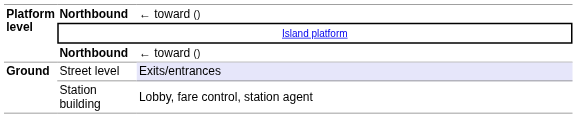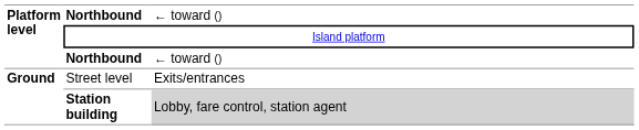 <table border=0 cellspacing=0 cellpadding=3>
 <tr>
 <td style="border-top:solid 1px gray;border-bottom:solid 1px gray;" width=50 rowspan=3 valign=top><strong>Platform<br>level</strong></td>
 <td style="border-top:solid 1px gray;" width=100><span><strong>Northbound</strong></span></td>
 <td style="border-top:solid 1px gray;" width=575>←  toward  <small>()</small></td>
 </tr>
 <tr>
 <td style="border-top:solid 2px black;border-right:solid 2px black;border-left:solid 2px black;border-bottom:solid 2px black;text-align:center;" colspan=2><small><a href='#'>Island platform</a> </small></td>
 </tr>
 <tr>
 <td style="border-bottom:solid 1px gray;"><span><strong>Northbound</strong></span></td>
 <td style="border-bottom:solid 1px gray;">←  toward  <small>()</small></td>
 </tr>
 <tr>
 <td style="border-bottom:solid 1px gray;" valign=top rowspan=2><strong>Ground</strong></td>
 <td style="border-bottom:solid 1px gray;">Street level</td>
-<td style="background: lavender; border-bottom:solid 1px gray;">Exits/entrances</td>
+<td style="border-bottom:solid 1px gray;">Exits/entrances</td>
 </tr>
 <tr>
-<td style="border-bottom:solid 1px gray;">Station building</td>
-<td style="border-bottom:solid 1px gray;">Lobby, fare control, station agent<br></td>
+<td style="border-bottom:solid 1px gray;"><strong>Station building</strong></td>
+<td style="background: lightgrey; border-bottom:solid 1px gray;">Lobby, fare control, station agent<br></td>
 </tr>
 </table>
